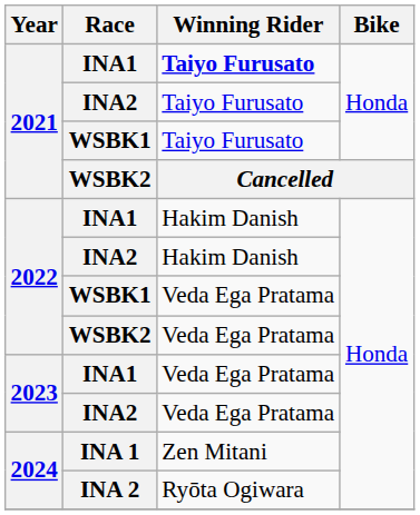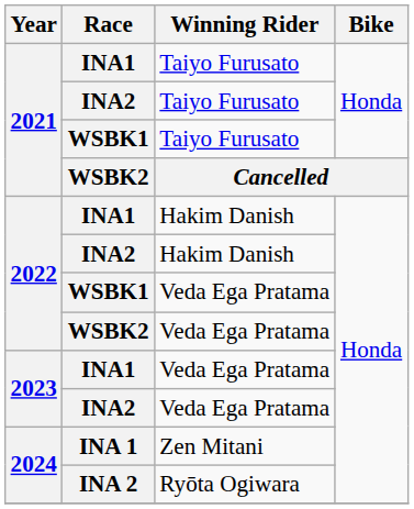 <table class="wikitable" style="font-size:95%;">
 <tr>
 <th>Year</th>
 <th>Race</th>
 <th>Winning Rider</th>
 <th>Bike</th>
 </tr>
 <tr>
 <th rowspan="4"><a href='#'>2021</a></th>
 <th>INA1</th>
-<td><strong> <a href='#'>Taiyo Furusato</a></strong></td>
+<td> <a href='#'>Taiyo Furusato</a></td>
 <td rowspan="3"><a href='#'>Honda</a></td>
 </tr>
 <tr>
 <th>INA2</th>
 <td> <a href='#'>Taiyo Furusato</a></td>
 </tr>
 <tr>
 <th>WSBK1</th>
 <td> <a href='#'>Taiyo Furusato</a></td>
 </tr>
 <tr>
 <th>WSBK2</th>
 <th colspan="2"><em>Cancelled</em></th>
 </tr>
 <tr>
 <th rowspan="4"><a href='#'>2022</a></th>
 <th>INA1</th>
 <td> Hakim Danish</td>
 <td rowspan="8"><a href='#'>Honda</a></td>
 </tr>
 <tr>
 <th>INA2</th>
 <td> Hakim Danish</td>
 </tr>
 <tr>
 <th>WSBK1</th>
 <td> Veda Ega Pratama</td>
 </tr>
 <tr>
 <th>WSBK2</th>
 <td> Veda Ega Pratama</td>
 </tr>
 <tr>
 <th rowspan="2"><a href='#'>2023</a></th>
 <th>INA1</th>
 <td> Veda Ega Pratama</td>
 </tr>
 <tr>
 <th>INA2</th>
 <td> Veda Ega Pratama</td>
 </tr>
 <tr>
 <th rowspan="2"><a href='#'>2024</a></th>
 <th>INA 1</th>
 <td> Zen Mitani</td>
 </tr>
 <tr>
 <th>INA 2</th>
 <td> Ryōta Ogiwara</td>
 </tr>
 <tr>
 </tr>
 </table>
